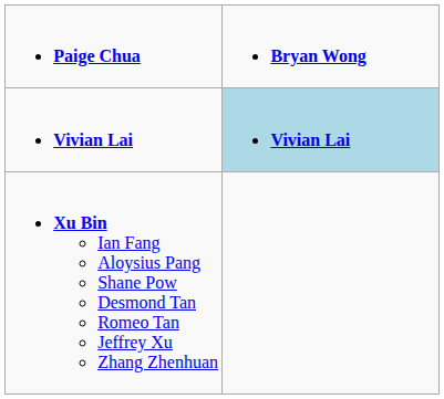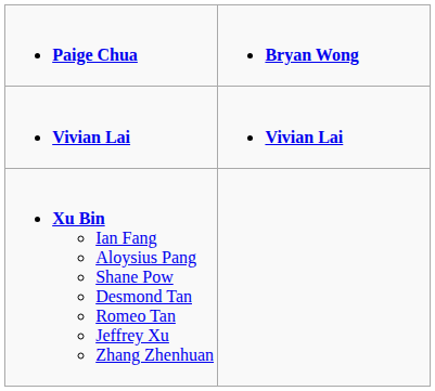 <table class=wikitable>
 <tr>
 <td valign="top" width="50%"><br><ul><li><strong><a href='#'>Paige Chua</a></strong></li></ul></td>
 <td valign="top" width="50%"><br><ul><li><strong><a href='#'>Bryan Wong</a></strong></li></ul></td>
 </tr>
 <tr>
 <td valign="top" width="50%"><br><ul><li><strong><a href='#'>Vivian Lai</a></strong></li></ul></td>
-<td valign="top" width="50%" style="background: lightblue;"><br><ul><li><strong><a href='#'>Vivian Lai</a> </strong></li></ul></td>
+<td valign="top" width="50%"><br><ul><li><strong><a href='#'>Vivian Lai</a> </strong></li></ul></td>
 </tr>
 <tr>
 <td valign="top" width="50%"><br><ul><li><strong><a href='#'>Xu Bin</a></strong><ul><li><a href='#'>Ian Fang</a></li><li><a href='#'>Aloysius Pang</a></li><li><a href='#'>Shane Pow</a></li><li><a href='#'>Desmond Tan</a></li><li><a href='#'>Romeo Tan</a></li><li><a href='#'>Jeffrey Xu</a></li><li><a href='#'>Zhang Zhenhuan</a></li></ul></li></ul></td>
 </tr>
 </table>
